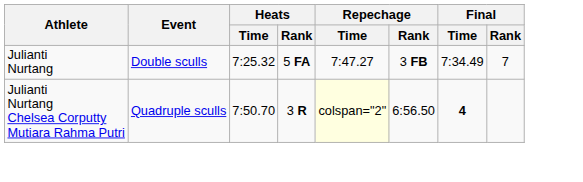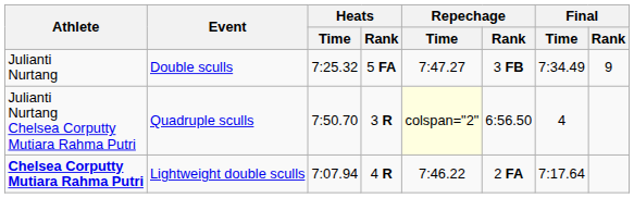 <table class=wikitable style="text-align:center; font-size:90%">
 <tr>
 <th rowspan="2">Athlete</th>
 <th rowspan="2">Event</th>
 <th colspan="2">Heats</th>
 <th colspan="2">Repechage</th>
 <th colspan="2">Final</th>
 </tr>
 <tr>
 <th>Time</th>
 <th>Rank</th>
 <th>Time</th>
 <th>Rank</th>
 <th>Time</th>
 <th>Rank</th>
 </tr>
 <tr>
 <td align="left">Julianti<br>Nurtang</td>
 <td align="left"><a href='#'>Double sculls</a></td>
 <td>7:25.32</td>
 <td>5 <strong>FA</strong></td>
 <td>7:47.27</td>
 <td>3 <strong>FB</strong></td>
 <td>7:34.49</td>
-<td>7</td>
+<td>9</td>
 </tr>
 <tr>
 <td align="left">Julianti<br>Nurtang<br><a href='#'>Chelsea Corputty</a><br><a href='#'>Mutiara Rahma Putri</a></td>
 <td align="left"><a href='#'>Quadruple sculls</a></td>
 <td>7:50.70</td>
 <td>3 <strong>R</strong></td>
 <td style="background: lightyellow;">colspan="2" </td>
 <td>6:56.50</td>
-<td><strong>4</strong></td>
+<td>4</td>
+</tr>
+<tr>
+<td align="left"><strong><a href='#'>Chelsea Corputty</a><br><a href='#'>Mutiara Rahma Putri</a></strong></td>
+<td align="left"><a href='#'>Lightweight double sculls</a></td>
+<td>7:07.94</td>
+<td>4 <strong>R</strong></td>
+<td>7:46.22</td>
+<td>2 <strong>FA</strong></td>
+<td>7:17.64</td>
+<td></td>
 </tr>
 </table>
